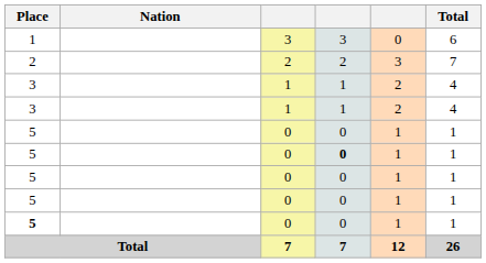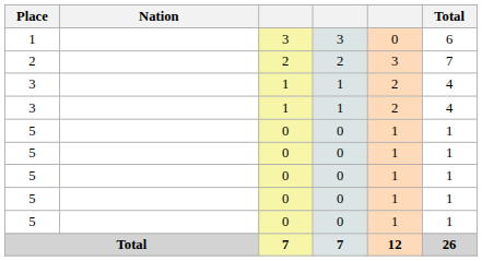 <table class=wikitable style="border:1px solid #AAAAAA;font-size:90%">
 <tr bgcolor="#EFEFEF">
 <th width=50>Place</th>
 <th width=200>Nation</th>
 <th width=50></th>
 <th width=50></th>
 <th width=50></th>
 <th width=50>Total</th>
 </tr>
 <tr align="center" valign="top" bgcolor="#FFFFFF">
 <td>1</td>
 <td align="left"></td>
 <td style="background:#F7F6A8;">3</td>
 <td style="background:#DCE5E5;">3</td>
 <td style="background:#FFDAB9;">0</td>
 <td>6</td>
 </tr>
 <tr align="center" valign="top" bgcolor="#FFFFFF">
 <td>2</td>
 <td align="left"></td>
 <td style="background:#F7F6A8;">2</td>
 <td style="background:#DCE5E5;">2</td>
 <td style="background:#FFDAB9;">3</td>
 <td>7</td>
 </tr>
 <tr align="center" valign="top" bgcolor="#FFFFFF">
 <td>3</td>
 <td align="left"></td>
 <td style="background:#F7F6A8;">1</td>
 <td style="background:#DCE5E5;">1</td>
 <td style="background:#FFDAB9;">2</td>
 <td>4</td>
 </tr>
 <tr align="center" valign="top" bgcolor="#FFFFFF">
 <td>3</td>
 <td align="left"></td>
 <td style="background:#F7F6A8;">1</td>
 <td style="background:#DCE5E5;">1</td>
 <td style="background:#FFDAB9;">2</td>
 <td>4</td>
 </tr>
 <tr align="center" valign="top" bgcolor="#FFFFFF">
 <td>5</td>
 <td align="left"></td>
 <td style="background:#F7F6A8;">0</td>
 <td style="background:#DCE5E5;">0</td>
 <td style="background:#FFDAB9;">1</td>
 <td>1</td>
 </tr>
 <tr align="center" valign="top" bgcolor="#FFFFFF">
 <td>5</td>
 <td align="left"></td>
 <td style="background:#F7F6A8;">0</td>
-<td style="background:#DCE5E5;"><strong>0</strong></td>
+<td style="background:#DCE5E5;">0</td>
 <td style="background:#FFDAB9;">1</td>
 <td>1</td>
 </tr>
 <tr align="center" valign="top" bgcolor="#FFFFFF">
 <td>5</td>
 <td align="left"></td>
 <td style="background:#F7F6A8;">0</td>
 <td style="background:#DCE5E5;">0</td>
 <td style="background:#FFDAB9;">1</td>
 <td>1</td>
 </tr>
 <tr align="center" valign="top" bgcolor="#FFFFFF">
 <td>5</td>
 <td align="left"></td>
 <td style="background:#F7F6A8;">0</td>
 <td style="background:#DCE5E5;">0</td>
 <td style="background:#FFDAB9;">1</td>
 <td>1</td>
 </tr>
 <tr align="center" valign="top" bgcolor="#FFFFFF">
-<td><strong>5</strong></td>
+<td>5</td>
 <td align="left"></td>
 <td style="background:#F7F6A8;">0</td>
 <td style="background:#DCE5E5;">0</td>
 <td style="background:#FFDAB9;">1</td>
 <td>1</td>
 </tr>
 <tr align="center">
 <td colspan="2" bgcolor=D3D3D3><strong>Total</strong></td>
 <td style="background:#F7F6A8;"><strong>7</strong></td>
 <td style="background:#DCE5E5;"><strong>7</strong></td>
 <td style="background:#FFDAB9;"><strong>12</strong></td>
 <td bgcolor=D3D3D3><strong>26</strong></td>
 </tr>
 </table>
